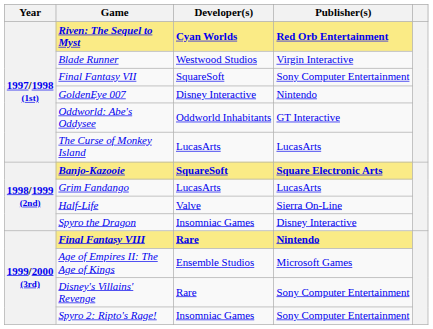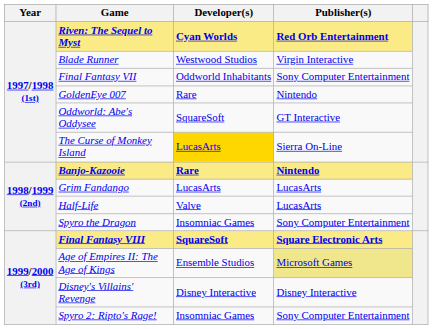 <table class="wikitable sortable" rowspan=2 style="width:100%;;">
 <tr style="background:#bebebe;">
 <th scope="col" style="width:6%;">Year</th>
 <th scope="col" style="width:30%;">Game</th>
 <th scope="col" style="width:25%;">Developer(s)</th>
 <th scope="col" style="width:35%;">Publisher(s)</th>
 <th scope="col" style="width:4%;" class="unsortable"></th>
 </tr>
 <tr>
 <th scope="row" rowspan="6" style="text-align:center"><a href='#'>1997</a>/<a href='#'>1998</a> <br><small><a href='#'>(1st)</a> </small></th>
 <td style="background:#FAEB86"><strong><em><a href='#'>Riven: The Sequel to Myst</a></em></strong></td>
 <td style="background:#FAEB86"><strong><a href='#'>Cyan Worlds</a></strong></td>
 <td style="background:#FAEB86"><strong><a href='#'>Red Orb Entertainment</a></strong></td>
 <th scope="row" rowspan="6" style="text-align;center;"></th>
 </tr>
 <tr>
 <td><em><a href='#'>Blade Runner</a></em></td>
 <td><a href='#'>Westwood Studios</a></td>
 <td><a href='#'>Virgin Interactive</a></td>
 </tr>
 <tr>
 <td><em><a href='#'>Final Fantasy VII</a></em></td>
-<td><a href='#'>SquareSoft</a></td>
+<td><a href='#'>Oddworld Inhabitants</a></td>
 <td><a href='#'>Sony Computer Entertainment</a></td>
 </tr>
 <tr>
 <td><em><a href='#'>GoldenEye 007</a></em></td>
-<td><a href='#'>Disney Interactive</a></td>
+<td><a href='#'>Rare</a></td>
 <td><a href='#'>Nintendo</a></td>
 </tr>
 <tr>
 <td><em><a href='#'>Oddworld: Abe's Oddysee</a></em></td>
-<td><a href='#'>Oddworld Inhabitants</a></td>
+<td><a href='#'>SquareSoft</a></td>
 <td><a href='#'>GT Interactive</a></td>
 </tr>
 <tr>
 <td><em><a href='#'>The Curse of Monkey Island</a></em></td>
-<td><a href='#'>LucasArts</a></td>
-<td><a href='#'>LucasArts</a></td>
+<td style="background: gold;"><a href='#'>LucasArts</a></td>
+<td><a href='#'>Sierra On-Line</a></td>
 </tr>
 <tr>
 <th scope="row" rowspan="4" style="text-align:center"><a href='#'>1998</a>/<a href='#'>1999</a> <br><small><a href='#'>(2nd)</a> </small></th>
 <td style="background:#FAEB86"><strong><em><a href='#'>Banjo-Kazooie</a></em></strong></td>
-<td style="background:#FAEB86"><strong><a href='#'>SquareSoft</a></strong></td>
-<td style="background:#FAEB86"><strong><a href='#'>Square Electronic Arts</a></strong></td>
+<td style="background:#FAEB86"><strong><a href='#'>Rare</a></strong></td>
+<td style="background:#FAEB86"><strong><a href='#'>Nintendo</a></strong></td>
 <th scope="row" rowspan="4" style="text-align;center;"></th>
 </tr>
 <tr>
 <td><em><a href='#'>Grim Fandango</a></em></td>
 <td><a href='#'>LucasArts</a></td>
 <td><a href='#'>LucasArts</a></td>
 </tr>
 <tr>
 <td><em><a href='#'>Half-Life</a></em></td>
 <td><a href='#'>Valve</a></td>
-<td><a href='#'>Sierra On-Line</a></td>
+<td><a href='#'>LucasArts</a></td>
 </tr>
 <tr>
 <td><em><a href='#'>Spyro the Dragon</a></em></td>
 <td><a href='#'>Insomniac Games</a></td>
-<td><a href='#'>Disney Interactive</a></td>
+<td><a href='#'>Sony Computer Entertainment</a></td>
 </tr>
 <tr>
 <th scope="row" rowspan="4" style="text-align:center"><a href='#'>1999</a>/<a href='#'>2000</a> <br><small><a href='#'>(3rd)</a> </small></th>
 <td style="background:#FAEB86"><strong><em><a href='#'>Final Fantasy VIII</a></em></strong></td>
-<td style="background:#FAEB86"><strong><a href='#'>Rare</a></strong></td>
-<td style="background:#FAEB86"><strong><a href='#'>Nintendo</a></strong></td>
+<td style="background:#FAEB86"><strong><a href='#'>SquareSoft</a></strong></td>
+<td style="background:#FAEB86"><strong><a href='#'>Square Electronic Arts</a></strong></td>
 <th scope="row" rowspan="4" style="text-align;center;"></th>
 </tr>
 <tr>
 <td><em><a href='#'>Age of Empires II: The Age of Kings</a></em></td>
 <td><a href='#'>Ensemble Studios</a></td>
-<td><a href='#'>Microsoft Games</a></td>
+<td style="background: khaki;"><a href='#'>Microsoft Games</a></td>
 </tr>
 <tr>
 <td><em><a href='#'>Disney's Villains' Revenge</a></em></td>
-<td><a href='#'>Rare</a></td>
-<td><a href='#'>Sony Computer Entertainment</a></td>
+<td><a href='#'>Disney Interactive</a></td>
+<td><a href='#'>Disney Interactive</a></td>
 </tr>
 <tr>
 <td><em><a href='#'>Spyro 2: Ripto's Rage!</a></em></td>
 <td><a href='#'>Insomniac Games</a></td>
 <td><a href='#'>Sony Computer Entertainment</a></td>
 </tr>
 </table>
